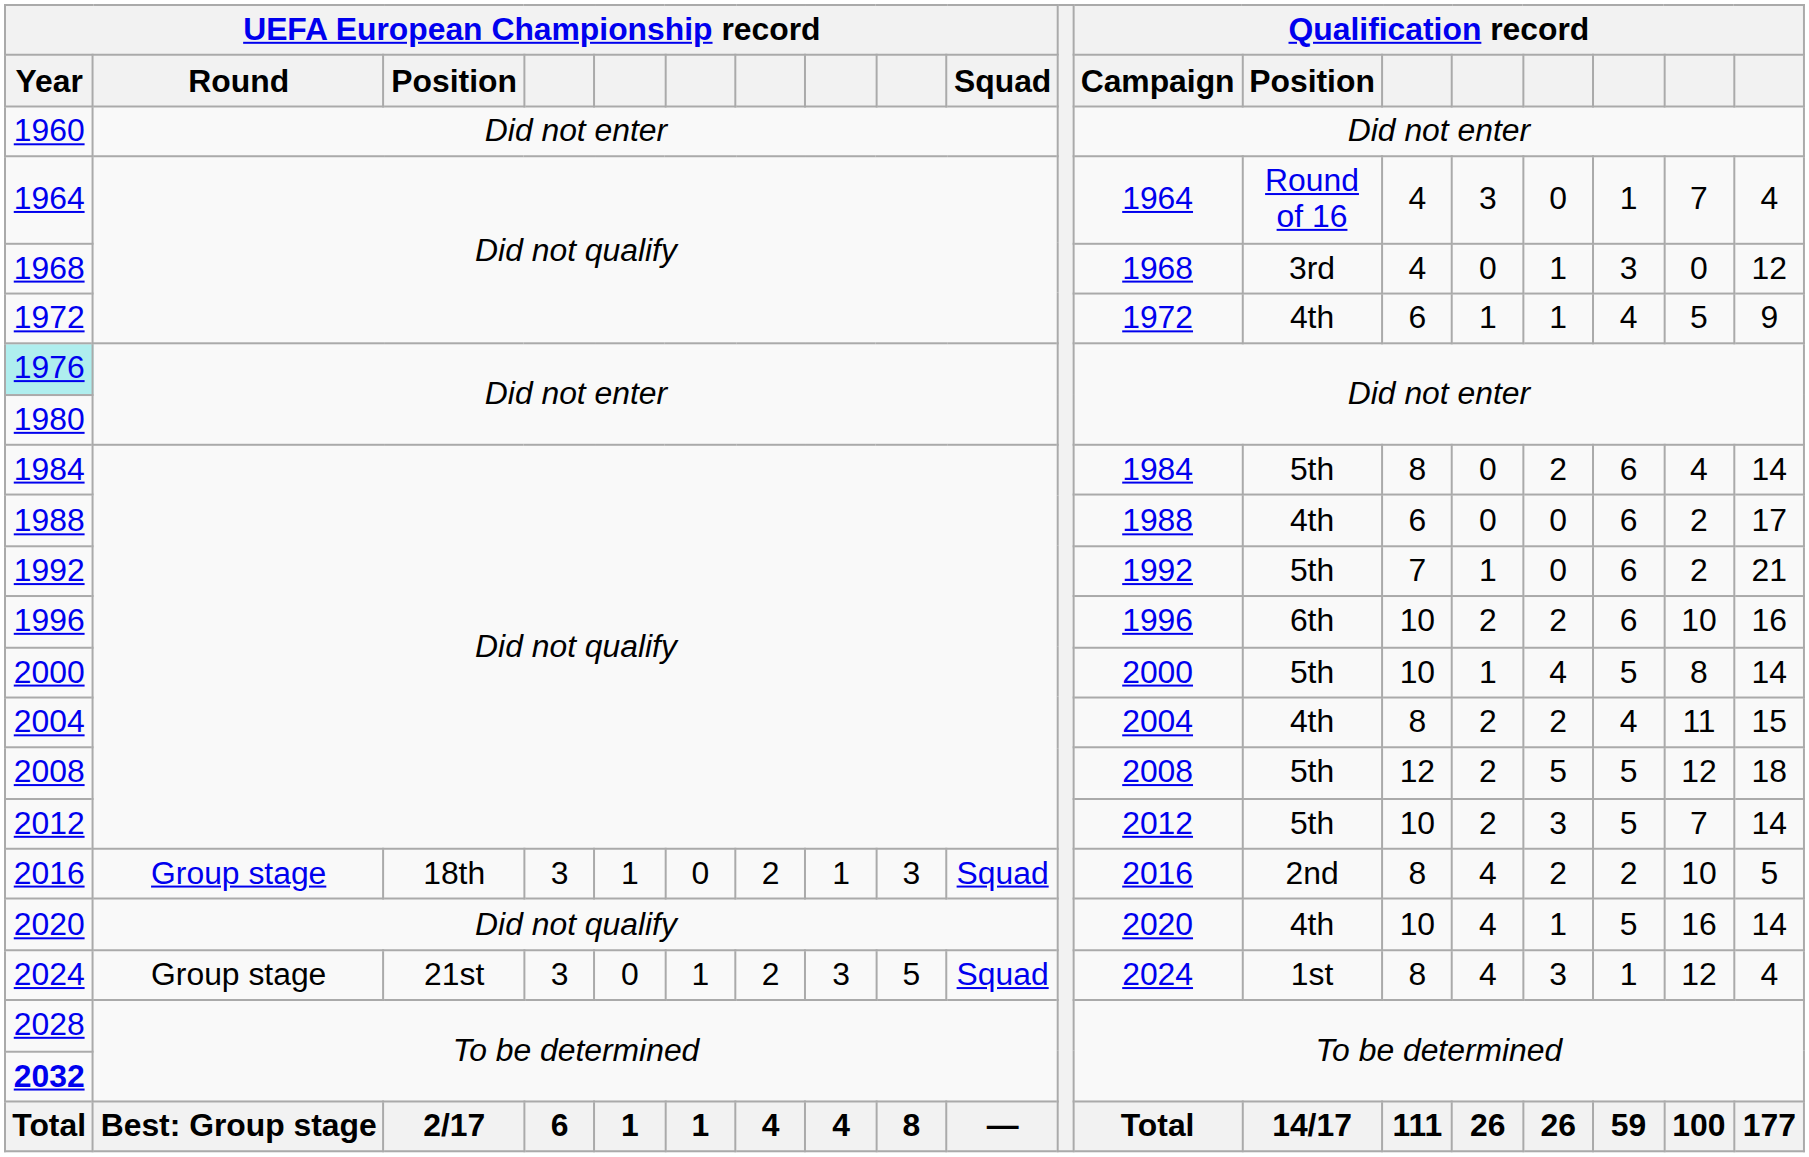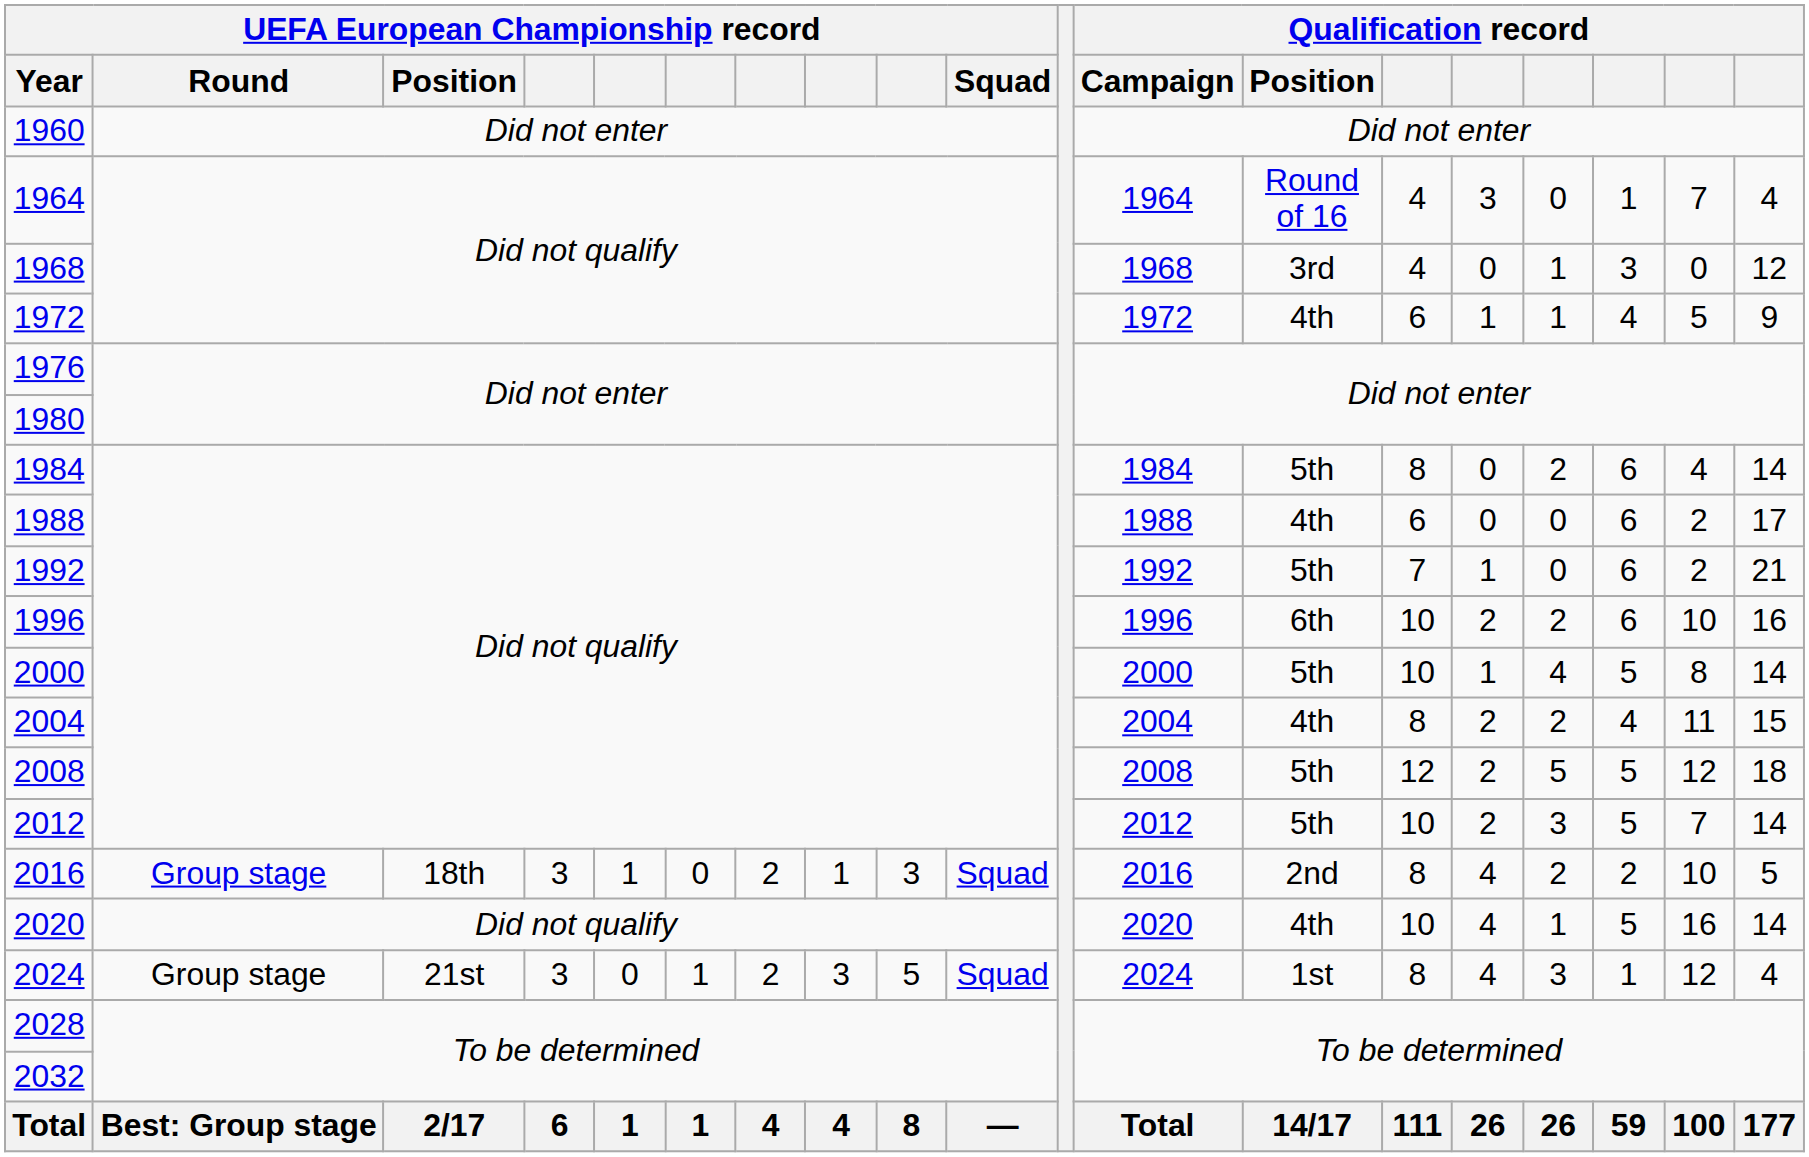 <table class="wikitable" style="text-align: center;">
 <tr>
 <th colspan=10><a href='#'>UEFA European Championship</a> record</th>
 <th rowspan=40></th>
 <th colspan=8><a href='#'>Qualification</a> record</th>
 </tr>
 <tr>
 <th>Year</th>
 <th>Round</th>
 <th width=28>Position</th>
 <th width=28></th>
 <th width=28></th>
 <th width=28></th>
 <th width=28></th>
 <th width=28></th>
 <th width=28></th>
 <th width=28>Squad</th>
 <th width=28>Campaign</th>
 <th width=28>Position</th>
 <th width=28></th>
 <th width=28></th>
 <th width=28></th>
 <th width=28></th>
 <th width=28></th>
 <th width=28></th>
 </tr>
 <tr>
 <td> <a href='#'>1960</a></td>
 <td colspan=9><em>Did not enter</em></td>
 <td colspan=8><em>Did not enter</em></td>
 </tr>
 <tr>
 <td> <a href='#'>1964</a></td>
 <td rowspan=3 colspan=9><em>Did not qualify</em></td>
 <td><a href='#'>1964</a></td>
 <td><a href='#'>Round of 16</a></td>
 <td>4</td>
 <td>3</td>
 <td>0</td>
 <td>1</td>
 <td>7</td>
 <td>4</td>
 </tr>
 <tr>
 <td> <a href='#'>1968</a></td>
 <td><a href='#'>1968</a></td>
 <td>3rd</td>
 <td>4</td>
 <td>0</td>
 <td>1</td>
 <td>3</td>
 <td>0</td>
 <td>12</td>
 </tr>
 <tr>
 <td> <a href='#'>1972</a></td>
 <td><a href='#'>1972</a></td>
 <td>4th</td>
 <td>6</td>
 <td>1</td>
 <td>1</td>
 <td>4</td>
 <td>5</td>
 <td>9</td>
 </tr>
 <tr>
-<td style="background: paleturquoise;"> <a href='#'>1976</a></td>
+<td> <a href='#'>1976</a></td>
 <td rowspan=2 colspan=9><em>Did not enter</em></td>
 <td rowspan=2 colspan=8><em>Did not enter</em></td>
 </tr>
 <tr>
 <td> <a href='#'>1980</a></td>
 </tr>
 <tr>
 <td> <a href='#'>1984</a></td>
 <td rowspan=8 colspan=9><em>Did not qualify</em></td>
 <td><a href='#'>1984</a></td>
 <td>5th</td>
 <td>8</td>
 <td>0</td>
 <td>2</td>
 <td>6</td>
 <td>4</td>
 <td>14</td>
 </tr>
 <tr>
 <td> <a href='#'>1988</a></td>
 <td><a href='#'>1988</a></td>
 <td>4th</td>
 <td>6</td>
 <td>0</td>
 <td>0</td>
 <td>6</td>
 <td>2</td>
 <td>17</td>
 </tr>
 <tr>
 <td> <a href='#'>1992</a></td>
 <td><a href='#'>1992</a></td>
 <td>5th</td>
 <td>7</td>
 <td>1</td>
 <td>0</td>
 <td>6</td>
 <td>2</td>
 <td>21</td>
 </tr>
 <tr>
 <td> <a href='#'>1996</a></td>
 <td><a href='#'>1996</a></td>
 <td>6th</td>
 <td>10</td>
 <td>2</td>
 <td>2</td>
 <td>6</td>
 <td>10</td>
 <td>16</td>
 </tr>
 <tr>
 <td>  <a href='#'>2000</a></td>
 <td><a href='#'>2000</a></td>
 <td>5th</td>
 <td>10</td>
 <td>1</td>
 <td>4</td>
 <td>5</td>
 <td>8</td>
 <td>14</td>
 </tr>
 <tr>
 <td> <a href='#'>2004</a></td>
 <td><a href='#'>2004</a></td>
 <td>4th</td>
 <td>8</td>
 <td>2</td>
 <td>2</td>
 <td>4</td>
 <td>11</td>
 <td>15</td>
 </tr>
 <tr>
 <td>  <a href='#'>2008</a></td>
 <td><a href='#'>2008</a></td>
 <td>5th</td>
 <td>12</td>
 <td>2</td>
 <td>5</td>
 <td>5</td>
 <td>12</td>
 <td>18</td>
 </tr>
 <tr>
 <td>  <a href='#'>2012</a></td>
 <td><a href='#'>2012</a></td>
 <td>5th</td>
 <td>10</td>
 <td>2</td>
 <td>3</td>
 <td>5</td>
 <td>7</td>
 <td>14</td>
 </tr>
 <tr>
 <td> <a href='#'>2016</a></td>
 <td><a href='#'>Group stage</a></td>
 <td>18th</td>
 <td>3</td>
 <td>1</td>
 <td>0</td>
 <td>2</td>
 <td>1</td>
 <td>3</td>
 <td><a href='#'>Squad</a></td>
 <td><a href='#'>2016</a></td>
 <td>2nd</td>
 <td>8</td>
 <td>4</td>
 <td>2</td>
 <td>2</td>
 <td>10</td>
 <td>5</td>
 </tr>
 <tr>
 <td> <a href='#'>2020</a></td>
 <td colspan=9><em>Did not qualify</em></td>
 <td><a href='#'>2020</a></td>
 <td>4th</td>
 <td>10</td>
 <td>4</td>
 <td>1</td>
 <td>5</td>
 <td>16</td>
 <td>14</td>
 </tr>
 <tr>
 <td> <a href='#'>2024</a></td>
 <td>Group stage</td>
 <td>21st</td>
 <td>3</td>
 <td>0</td>
 <td>1</td>
 <td>2</td>
 <td>3</td>
 <td>5</td>
 <td><a href='#'>Squad</a></td>
 <td><a href='#'>2024</a></td>
 <td>1st</td>
 <td>8</td>
 <td>4</td>
 <td>3</td>
 <td>1</td>
 <td>12</td>
 <td>4</td>
 </tr>
 <tr>
 <td>  <a href='#'>2028</a></td>
 <td rowspan=2 colspan=9><em>To be determined</em></td>
 <td rowspan=2 colspan=8><em>To be determined</em></td>
 </tr>
 <tr>
-<td><strong>  <a href='#'>2032</a></strong></td>
+<td>  <a href='#'>2032</a></td>
 </tr>
 <tr>
 <th>Total</th>
 <th>Best: Group stage</th>
 <th>2/17</th>
 <th>6</th>
 <th>1</th>
 <th>1</th>
 <th>4</th>
 <th>4</th>
 <th>8</th>
 <th>—</th>
 <th>Total</th>
 <th>14/17</th>
 <th>111</th>
 <th>26</th>
 <th>26</th>
 <th>59</th>
 <th>100</th>
 <th>177</th>
 </tr>
 </table>
